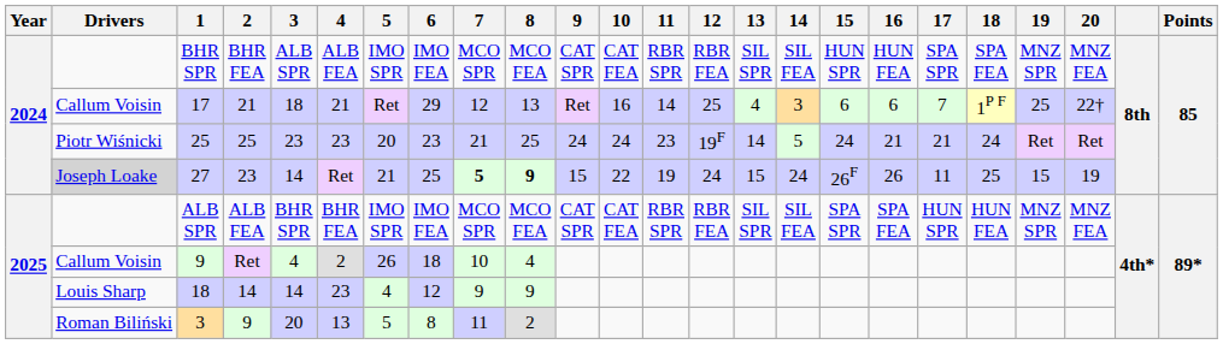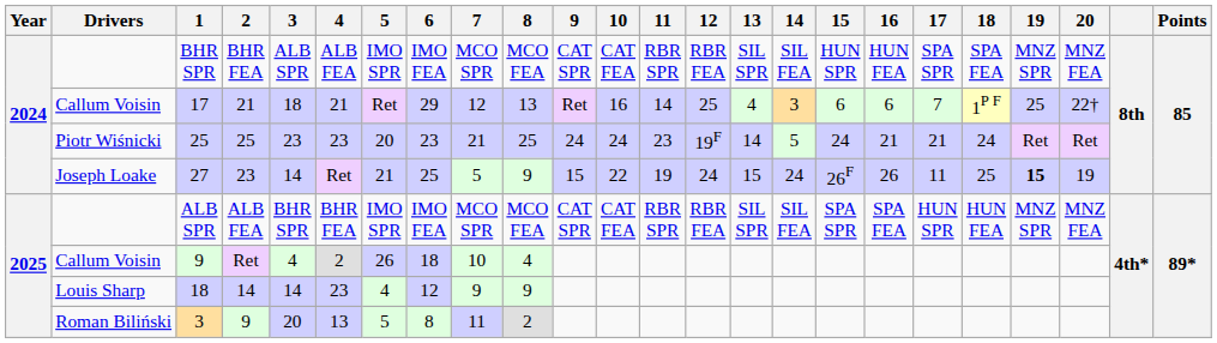 <table class="wikitable" style="text-align:center; font-size:85%">
 <tr>
 <th>Year</th>
 <th>Drivers</th>
 <th>1</th>
 <th>2</th>
 <th>3</th>
 <th>4</th>
 <th>5</th>
 <th>6</th>
 <th>7</th>
 <th>8</th>
 <th>9</th>
 <th>10</th>
 <th>11</th>
 <th>12</th>
 <th>13</th>
 <th>14</th>
 <th>15</th>
 <th>16</th>
 <th>17</th>
 <th>18</th>
 <th>19</th>
 <th>20</th>
 <th></th>
 <th>Points</th>
 </tr>
 <tr>
 <th rowspan=4><a href='#'>2024</a></th>
 <td></td>
 <td><a href='#'>BHR<br>SPR</a></td>
 <td><a href='#'>BHR<br>FEA</a></td>
 <td><a href='#'>ALB<br>SPR</a></td>
 <td><a href='#'>ALB<br>FEA</a></td>
 <td><a href='#'>IMO<br>SPR</a></td>
 <td><a href='#'>IMO<br>FEA</a></td>
 <td><a href='#'>MCO<br>SPR</a></td>
 <td><a href='#'>MCO<br>FEA</a></td>
 <td><a href='#'>CAT<br>SPR</a></td>
 <td><a href='#'>CAT<br>FEA</a></td>
 <td><a href='#'>RBR<br>SPR</a></td>
 <td><a href='#'>RBR<br>FEA</a></td>
 <td><a href='#'>SIL<br>SPR</a></td>
 <td><a href='#'>SIL<br>FEA</a></td>
 <td><a href='#'>HUN<br>SPR</a></td>
 <td><a href='#'>HUN<br>FEA</a></td>
 <td><a href='#'>SPA<br>SPR</a></td>
 <td><a href='#'>SPA<br>FEA</a></td>
 <td><a href='#'>MNZ<br>SPR</a></td>
 <td><a href='#'>MNZ<br>FEA</a></td>
 <th rowspan=4 style="background:#;">8th</th>
 <th rowspan=4 style="background:#;">85</th>
 </tr>
 <tr>
 <td align=left> <a href='#'>Callum Voisin</a></td>
 <td style="background:#CFCFFF;">17</td>
 <td style="background:#CFCFFF;">21</td>
 <td style="background:#CFCFFF;">18</td>
 <td style="background:#CFCFFF;">21</td>
 <td style="background:#EFCFFF;">Ret</td>
 <td style="background:#CFCFFF;">29</td>
 <td style="background:#CFCFFF;">12</td>
 <td style="background:#CFCFFF;">13</td>
 <td style="background:#EFCFFF;">Ret</td>
 <td style="background:#CFCFFF;">16</td>
 <td style="background:#CFCFFF;">14</td>
 <td style="background:#CFCFFF;">25</td>
 <td style="background:#DFFFDF;">4</td>
 <td style="background:#FFDF9F;">3</td>
 <td style="background:#DFFFDF;">6</td>
 <td style="background:#DFFFDF;">6</td>
 <td style="background:#DFFFDF;">7</td>
 <td style="background:#FFFFBF;">1<span><sup>P F</sup></span></td>
 <td style="background:#CFCFFF;">25</td>
 <td style="background:#CFCFFF;">22†</td>
 </tr>
 <tr>
 <td align=left> <a href='#'>Piotr Wiśnicki</a></td>
 <td style="background:#CFCFFF;">25</td>
 <td style="background:#CFCFFF;">25</td>
 <td style="background:#CFCFFF;">23</td>
 <td style="background:#CFCFFF;">23</td>
 <td style="background:#CFCFFF;">20</td>
 <td style="background:#CFCFFF;">23</td>
 <td style="background:#CFCFFF;">21</td>
 <td style="background:#CFCFFF;">25</td>
 <td style="background:#CFCFFF;">24</td>
 <td style="background:#CFCFFF;">24</td>
 <td style="background:#CFCFFF;">23</td>
 <td style="background:#CFCFFF;">19<span><sup>F</sup></span></td>
 <td style="background:#CFCFFF;">14</td>
 <td style="background:#DFFFDF;">5</td>
 <td style="background:#CFCFFF;">24</td>
 <td style="background:#CFCFFF;">21</td>
 <td style="background:#CFCFFF;">21</td>
 <td style="background:#CFCFFF;">24</td>
 <td style="background:#EFCFFF;">Ret</td>
 <td style="background:#EFCFFF;">Ret</td>
 </tr>
 <tr>
-<td align=left style="background: lightgrey;"> <a href='#'>Joseph Loake</a></td>
+<td align=left> <a href='#'>Joseph Loake</a></td>
 <td style="background:#CFCFFF;">27</td>
 <td style="background:#CFCFFF;">23</td>
 <td style="background:#CFCFFF;">14</td>
 <td style="background:#EFCFFF;">Ret</td>
 <td style="background:#CFCFFF;">21</td>
 <td style="background:#CFCFFF;">25</td>
-<td style="background:#DFFFDF;"><strong>5</strong></td>
-<td style="background:#DFFFDF;"><strong>9</strong></td>
+<td style="background:#DFFFDF;">5</td>
+<td style="background:#DFFFDF;">9</td>
 <td style="background:#CFCFFF;">15</td>
 <td style="background:#CFCFFF;">22</td>
 <td style="background:#CFCFFF;">19</td>
 <td style="background:#CFCFFF;">24</td>
 <td style="background:#CFCFFF;">15</td>
 <td style="background:#CFCFFF;">24</td>
 <td style="background:#CFCFFF;">26<span><sup>F</sup></span></td>
 <td style="background:#CFCFFF;">26</td>
 <td style="background:#CFCFFF;">11</td>
 <td style="background:#CFCFFF;">25</td>
-<td style="background:#CFCFFF;">15</td>
+<td style="background:#CFCFFF;"><strong>15</strong></td>
 <td style="background:#CFCFFF;">19</td>
 </tr>
 <tr>
 <th rowspan=4><a href='#'>2025</a></th>
 <td></td>
 <td><a href='#'>ALB<br>SPR</a></td>
 <td><a href='#'>ALB<br>FEA</a></td>
 <td><a href='#'>BHR<br>SPR</a></td>
 <td><a href='#'>BHR<br>FEA</a></td>
 <td><a href='#'>IMO<br>SPR</a></td>
 <td><a href='#'>IMO<br>FEA</a></td>
 <td><a href='#'>MCO<br>SPR</a></td>
 <td><a href='#'>MCO<br>FEA</a></td>
 <td><a href='#'>CAT<br>SPR</a></td>
 <td><a href='#'>CAT<br>FEA</a></td>
 <td><a href='#'>RBR<br>SPR</a></td>
 <td><a href='#'>RBR<br>FEA</a></td>
 <td><a href='#'>SIL<br>SPR</a></td>
 <td><a href='#'>SIL<br>FEA</a></td>
 <td><a href='#'>SPA<br>SPR</a></td>
 <td><a href='#'>SPA<br>FEA</a></td>
 <td><a href='#'>HUN<br>SPR</a></td>
 <td><a href='#'>HUN<br>FEA</a></td>
 <td><a href='#'>MNZ<br>SPR</a></td>
 <td><a href='#'>MNZ<br>FEA</a></td>
 <th rowspan=4 style="background:#;">4th*</th>
 <th rowspan=4 style="background:#;">89*</th>
 </tr>
 <tr>
 <td align=left> <a href='#'>Callum Voisin</a></td>
 <td style="background:#DFFFDF;">9</td>
 <td style="background:#EFCFFF;">Ret</td>
 <td style="background:#DFFFDF;">4</td>
 <td style="background:#DFDFDF;">2</td>
 <td style="background:#CFCFFF;">26</td>
 <td style="background:#CFCFFF;">18</td>
 <td style="background:#DFFFDF;">10</td>
 <td style="background:#DFFFDF;">4</td>
 <td></td>
 <td></td>
 <td></td>
 <td></td>
 <td></td>
 <td></td>
 <td></td>
 <td></td>
 <td></td>
 <td></td>
 <td></td>
 <td></td>
 </tr>
 <tr>
 <td align=left> <a href='#'>Louis Sharp</a></td>
 <td style="background:#CFCFFF;">18</td>
 <td style="background:#CFCFFF;">14</td>
 <td style="background:#CFCFFF;">14</td>
 <td style="background:#CFCFFF;">23</td>
 <td style="background:#DFFFDF;">4</td>
 <td style="background:#CFCFFF;">12</td>
 <td style="background:#DFFFDF;">9</td>
 <td style="background:#DFFFDF;">9</td>
 <td></td>
 <td></td>
 <td></td>
 <td></td>
 <td></td>
 <td></td>
 <td></td>
 <td></td>
 <td></td>
 <td></td>
 <td></td>
 </tr>
 <tr>
 <td align=left> <a href='#'>Roman Biliński</a></td>
 <td style="background:#FFDF9F;">3</td>
 <td style="background:#DFFFDF;">9</td>
 <td style="background:#CFCFFF;">20</td>
 <td style="background:#CFCFFF;">13</td>
 <td style="background:#DFFFDF;">5</td>
 <td style="background:#DFFFDF;">8</td>
 <td style="background:#CFCFFF;">11</td>
 <td style="background:#DFDFDF;">2</td>
 <td></td>
 <td></td>
 <td></td>
 <td></td>
 <td></td>
 <td></td>
 <td></td>
 <td></td>
 <td></td>
 <td></td>
 <td></td>
 <td></td>
 </tr>
 </table>
